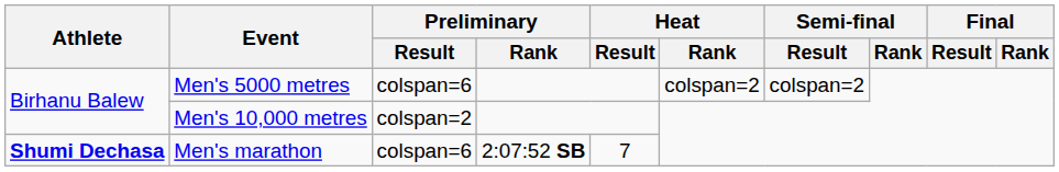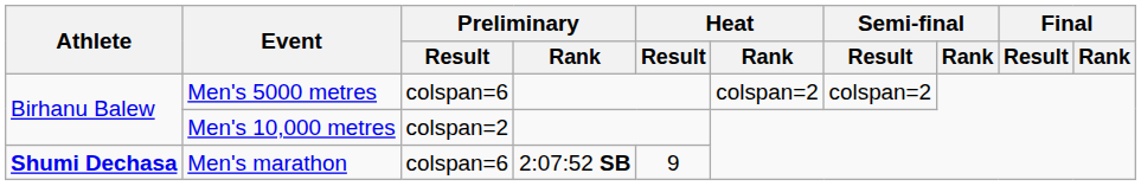 <table class=wikitable style=font-size:90%>
 <tr>
 <th rowspan="2">Athlete</th>
 <th rowspan="2">Event</th>
 <th colspan="2">Preliminary</th>
 <th colspan="2">Heat</th>
 <th colspan="2">Semi-final</th>
 <th colspan="2">Final</th>
 </tr>
 <tr style=font-size:95%>
 <th>Result</th>
 <th>Rank</th>
 <th>Result</th>
 <th>Rank</th>
 <th>Result</th>
 <th>Rank</th>
 <th>Result</th>
 <th>Rank</th>
 </tr>
 <tr align=center>
 <td align=left rowspan=2><a href='#'>Birhanu Balew</a></td>
 <td align=left><a href='#'>Men's 5000 metres</a></td>
 <td>colspan=6</td>
 <td colspan=2></td>
 <td>colspan=2</td>
 <td>colspan=2</td>
 </tr>
 <tr align=center>
 <td align=left><a href='#'>Men's 10,000 metres</a></td>
 <td>colspan=2</td>
 <td colspan=2></td>
 </tr>
 <tr align=center>
 <td align=left><strong><a href='#'>Shumi Dechasa</a></strong></td>
 <td align=left><a href='#'>Men's marathon</a></td>
 <td>colspan=6</td>
 <td>2:07:52 <strong>SB</strong></td>
-<td>7</td>
+<td>9</td>
 </tr>
 </table>
